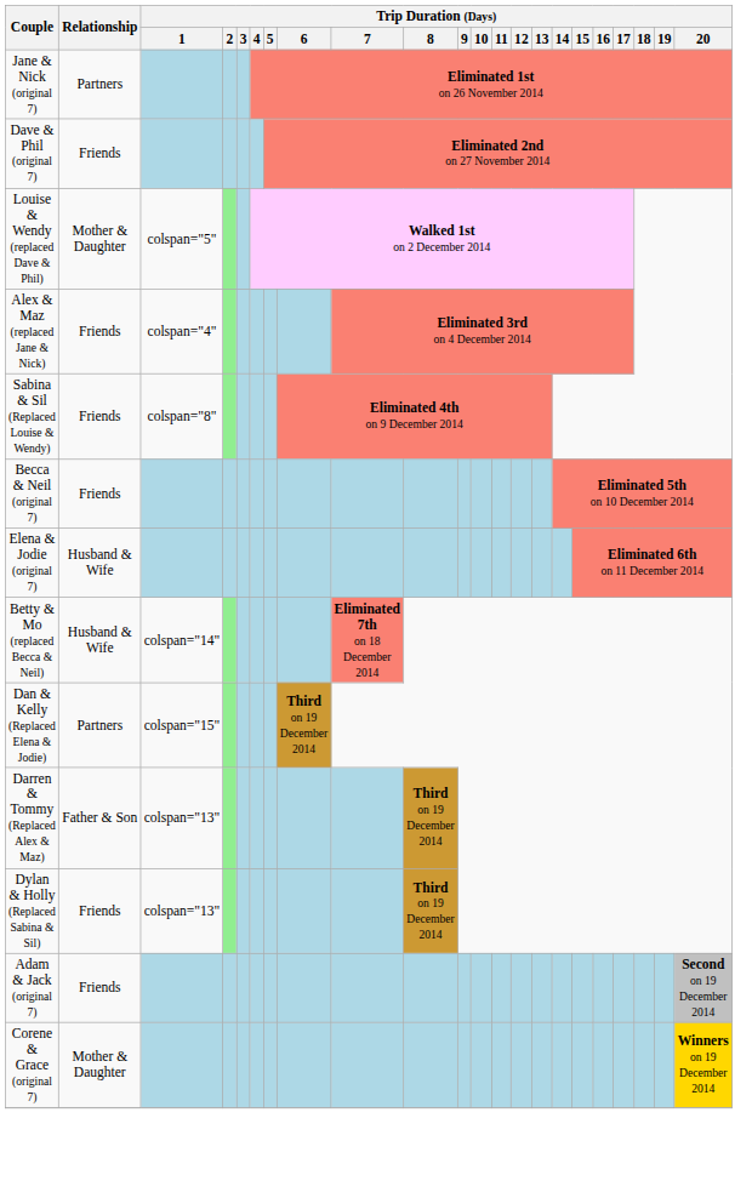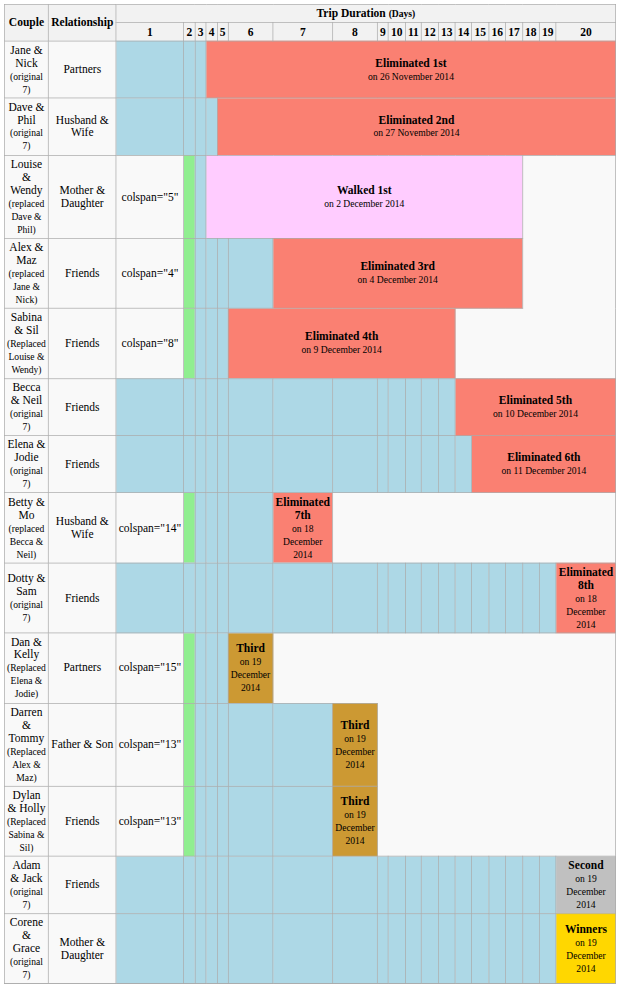 <table class="wikitable" style="text-align:center;">
 <tr>
 <th rowspan="2">Couple</th>
 <th rowspan="2">Relationship</th>
 <th colspan="20">Trip Duration <small>(Days)</small></th>
 </tr>
 <tr>
 <th>1</th>
 <th>2</th>
 <th>3</th>
 <th>4</th>
 <th>5</th>
 <th>6</th>
 <th>7</th>
 <th>8</th>
 <th>9</th>
 <th>10</th>
 <th>11</th>
 <th>12</th>
 <th>13</th>
 <th>14</th>
 <th>15</th>
 <th>16</th>
 <th>17</th>
 <th>18</th>
 <th>19</th>
 <th>20</th>
 </tr>
 <tr>
 <td>Jane & Nick <br><small>(original 7)</small></td>
 <td>Partners</td>
 <td style="background:lightblue;"></td>
 <td style="background:lightblue;"></td>
 <td style="background:lightblue;"></td>
 <td colspan="17" style="background:#fa8072;"><strong>Eliminated 1st</strong><br><small>on 26 November 2014</small></td>
 </tr>
 <tr>
 <td>Dave & Phil<br><small>(original 7)</small></td>
-<td>Friends</td>
+<td>Husband & Wife</td>
 <td style="background:lightblue;"></td>
 <td style="background:lightblue;"></td>
 <td style="background:lightblue;"></td>
 <td style="background:lightblue;"></td>
 <td colspan="16" style="background:#fa8072;"><strong>Eliminated 2nd</strong><br><small>on 27 November 2014</small></td>
 </tr>
 <tr>
 <td>Louise & Wendy<br><small>(replaced Dave & Phil)</small></td>
 <td>Mother & Daughter</td>
 <td>colspan="5" </td>
 <td style="background:lightgreen;"></td>
 <td style="background:lightblue;"></td>
 <td colspan="14" style="background:#ffccff;"><strong>Walked 1st</strong><br><small>on 2 December 2014</small></td>
 </tr>
 <tr>
 <td>Alex & Maz<br><small>(replaced Jane & Nick)</small></td>
 <td>Friends</td>
 <td>colspan="4" </td>
 <td style="background:lightgreen;"></td>
 <td style="background:lightblue;"></td>
 <td style="background:lightblue;"></td>
 <td style="background:lightblue;"></td>
 <td style="background:lightblue;"></td>
 <td colspan="11" style="background:#fa8072;"><strong>Eliminated 3rd</strong><br><small>on 4 December 2014</small></td>
 </tr>
 <tr>
 <td>Sabina & Sil<br><small>(Replaced Louise & Wendy)</small></td>
 <td>Friends</td>
 <td>colspan="8" </td>
 <td style="background:lightgreen;"></td>
 <td style="background:lightblue;"></td>
 <td style="background:lightblue;"></td>
 <td style="background:lightblue;"></td>
 <td colspan="8" style="background:#fa8072;"><strong>Eliminated 4th</strong><br><small>on 9 December 2014</small></td>
 </tr>
 <tr>
 <td>Becca & Neil<br><small>(original 7)</small></td>
 <td>Friends</td>
 <td style="background:lightblue;"></td>
 <td style="background:lightblue;"></td>
 <td style="background:lightblue;"></td>
 <td style="background:lightblue;"></td>
 <td style="background:lightblue;"></td>
 <td style="background:lightblue;"></td>
 <td style="background:lightblue;"></td>
 <td style="background:lightblue;"></td>
 <td style="background:lightblue;"></td>
 <td style="background:lightblue;"></td>
 <td style="background:lightblue;"></td>
 <td style="background:lightblue;"></td>
 <td style="background:lightblue;"></td>
 <td colspan="7" style="background:#fa8072;"><strong>Eliminated 5th</strong><br><small>on 10 December 2014</small></td>
 </tr>
 <tr>
 <td>Elena & Jodie<br><small>(original 7)</small></td>
-<td>Husband & Wife</td>
+<td>Friends</td>
 <td style="background:lightblue;"></td>
 <td style="background:lightblue;"></td>
 <td style="background:lightblue;"></td>
 <td style="background:lightblue;"></td>
 <td style="background:lightblue;"></td>
 <td style="background:lightblue;"></td>
 <td style="background:lightblue;"></td>
 <td style="background:lightblue;"></td>
 <td style="background:lightblue;"></td>
 <td style="background:lightblue;"></td>
 <td style="background:lightblue;"></td>
 <td style="background:lightblue;"></td>
 <td style="background:lightblue;"></td>
 <td style="background:lightblue;"></td>
 <td colspan="6" style="background:#fa8072;"><strong>Eliminated 6th</strong><br><small>on 11 December 2014</small></td>
 </tr>
 <tr>
 <td>Betty & Mo<br><small>(replaced Becca & Neil)</small></td>
 <td>Husband & Wife</td>
 <td>colspan="14" </td>
 <td style="background:lightgreen;"></td>
 <td style="background:lightblue;"></td>
 <td style="background:lightblue;"></td>
 <td style="background:lightblue;"></td>
 <td style="background:lightblue;"></td>
 <td colspan="1" style="background:#fa8072;"><strong>Eliminated 7th</strong><br><small>on 18 December 2014</small></td>
+</tr>
+<tr>
+<td>Dotty & Sam<br><small>(original 7)</small></td>
+<td>Friends</td>
+<td style="background:lightblue;"></td>
+<td style="background:lightblue;"></td>
+<td style="background:lightblue;"></td>
+<td style="background:lightblue;"></td>
+<td style="background:lightblue;"></td>
+<td style="background:lightblue;"></td>
+<td style="background:lightblue;"></td>
+<td style="background:lightblue;"></td>
+<td style="background:lightblue;"></td>
+<td style="background:lightblue;"></td>
+<td style="background:lightblue;"></td>
+<td style="background:lightblue;"></td>
+<td style="background:lightblue;"></td>
+<td style="background:lightblue;"></td>
+<td style="background:lightblue;"></td>
+<td style="background:lightblue;"></td>
+<td style="background:lightblue;"></td>
+<td style="background:lightblue;"></td>
+<td style="background:lightblue;"></td>
+<td colspan="1" style="background:#fa8072;"><strong>Eliminated 8th</strong><br><small>on 18 December 2014</small></td>
 </tr>
 <tr>
 <td>Dan & Kelly<br><small>(Replaced Elena & Jodie)</small></td>
 <td>Partners</td>
 <td>colspan="15" </td>
 <td style="background:lightgreen;"></td>
 <td style="background:lightblue;"></td>
 <td style="background:lightblue;"></td>
 <td style="background:lightblue;"></td>
 <td style="background:#cc9933;"><strong>Third</strong><br><small>on 19 December 2014</small></td>
 </tr>
 <tr>
 <td>Darren & Tommy<br><small>(Replaced Alex & Maz)</small></td>
 <td>Father & Son</td>
 <td>colspan="13" </td>
 <td style="background:lightgreen;"></td>
 <td style="background:lightblue;"></td>
 <td style="background:lightblue;"></td>
 <td style="background:lightblue;"></td>
 <td style="background:lightblue;"></td>
 <td style="background:lightblue;"></td>
 <td style="background:#cc9933;"><strong>Third</strong><br><small>on 19 December 2014</small></td>
 </tr>
 <tr>
 <td>Dylan & Holly<br><small>(Replaced Sabina & Sil)</small></td>
 <td>Friends</td>
 <td>colspan="13" </td>
 <td style="background:lightgreen;"></td>
 <td style="background:lightblue;"></td>
 <td style="background:lightblue;"></td>
 <td style="background:lightblue;"></td>
 <td style="background:lightblue;"></td>
 <td style="background:lightblue;"></td>
 <td style="background:#cc9933;"><strong>Third</strong><br><small>on 19 December 2014</small></td>
 </tr>
 <tr>
 <td>Adam & Jack<br><small>(original 7)</small></td>
 <td>Friends</td>
 <td style="background:lightblue;"></td>
 <td style="background:lightblue;"></td>
 <td style="background:lightblue;"></td>
 <td style="background:lightblue;"></td>
 <td style="background:lightblue;"></td>
 <td style="background:lightblue;"></td>
 <td style="background:lightblue;"></td>
 <td style="background:lightblue;"></td>
 <td style="background:lightblue;"></td>
 <td style="background:lightblue;"></td>
 <td style="background:lightblue;"></td>
 <td style="background:lightblue;"></td>
 <td style="background:lightblue;"></td>
 <td style="background:lightblue;"></td>
 <td style="background:lightblue;"></td>
 <td style="background:lightblue;"></td>
 <td style="background:lightblue;"></td>
 <td style="background:lightblue;"></td>
 <td style="background:lightblue;"></td>
 <td style="background:silver;"><strong>Second</strong><br><small>on 19 December 2014</small></td>
 </tr>
 <tr>
 <td>Corene & Grace<br><small>(original 7)</small></td>
 <td>Mother & Daughter</td>
 <td style="background:lightblue;"></td>
 <td style="background:lightblue;"></td>
 <td style="background:lightblue;"></td>
 <td style="background:lightblue;"></td>
 <td style="background:lightblue;"></td>
 <td style="background:lightblue;"></td>
 <td style="background:lightblue;"></td>
 <td style="background:lightblue;"></td>
 <td style="background:lightblue;"></td>
 <td style="background:lightblue;"></td>
 <td style="background:lightblue;"></td>
 <td style="background:lightblue;"></td>
 <td style="background:lightblue;"></td>
 <td style="background:lightblue;"></td>
 <td style="background:lightblue;"></td>
 <td style="background:lightblue;"></td>
 <td style="background:lightblue;"></td>
 <td style="background:lightblue;"></td>
 <td style="background:lightblue;"></td>
 <td style="background:gold;"><strong>Winners</strong><br><small>on 19 December 2014</small></td>
 </tr>
 <tr>
 </tr>
 </table>
